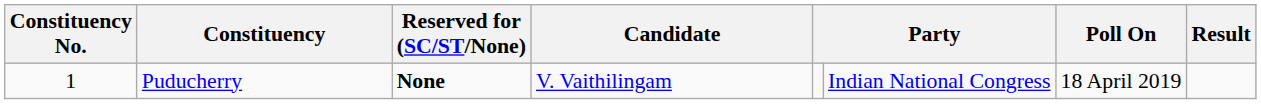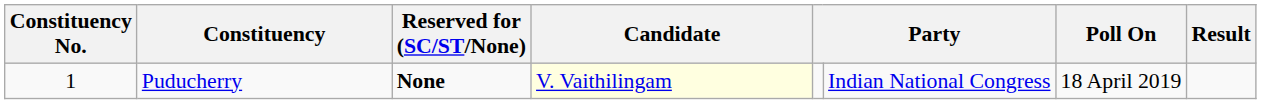 <table class="wikitable sortable">
 <tr>
 <th>Constituency <br> No.</th>
 <th style="width:180px;">Constituency</th>
 <th>Reserved for<br>(<a href='#'>SC/ST</a>/None)</th>
 <th style="width:200px;">Candidate</th>
 <th colspan="2">Party</th>
 <th>Poll On</th>
 <th>Result</th>
 </tr>
 <tr>
 <td style="text-align:center;">1</td>
 <td><a href='#'>Puducherry</a></td>
 <td><strong>None</strong></td>
-<td><a href='#'>V. Vaithilingam</a></td>
+<td style="background: lightyellow;"><a href='#'>V. Vaithilingam</a></td>
 <td bgcolor=></td>
 <td><a href='#'>Indian National Congress</a></td>
 <td>18 April 2019</td>
 <td></td>
 </tr>
 </table>
